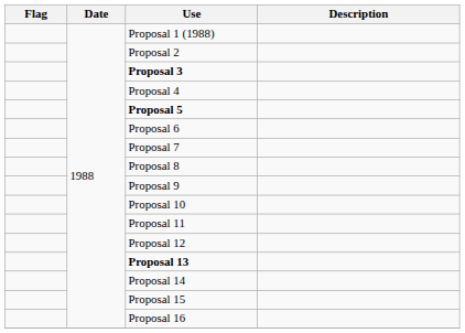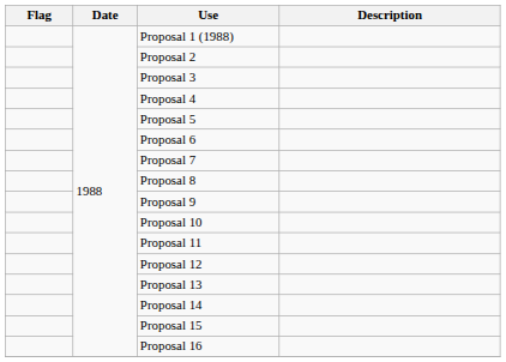 <table class="wikitable" style="background:#f9f9f9">
 <tr>
 <th width="110">Flag</th>
 <th width="100">Date</th>
 <th width="250">Use</th>
 <th width="400">Description</th>
 </tr>
 <tr>
 <td></td>
 <td rowspan="16">1988</td>
 <td>Proposal 1 (1988)</td>
 <td></td>
 </tr>
 <tr>
 <td></td>
 <td>Proposal 2</td>
 <td></td>
 </tr>
 <tr>
 <td></td>
-<td><strong>Proposal 3</strong></td>
+<td>Proposal 3</td>
 <td></td>
 </tr>
 <tr>
 <td></td>
 <td>Proposal 4</td>
 <td></td>
 </tr>
 <tr>
 <td></td>
-<td><strong>Proposal 5</strong></td>
+<td>Proposal 5</td>
 <td></td>
 </tr>
 <tr>
 <td></td>
 <td>Proposal 6</td>
 <td></td>
 </tr>
 <tr>
 <td></td>
 <td>Proposal 7</td>
 <td></td>
 </tr>
 <tr>
 <td></td>
 <td>Proposal 8</td>
 <td></td>
 </tr>
 <tr>
 <td></td>
 <td>Proposal 9</td>
 <td></td>
 </tr>
 <tr>
 <td></td>
 <td>Proposal 10</td>
 <td></td>
 </tr>
 <tr>
 <td></td>
 <td>Proposal 11</td>
 <td></td>
 </tr>
 <tr>
 <td></td>
 <td>Proposal 12</td>
 <td></td>
 </tr>
 <tr>
 <td></td>
-<td><strong>Proposal 13</strong></td>
+<td>Proposal 13</td>
 <td></td>
 </tr>
 <tr>
 <td></td>
 <td>Proposal 14</td>
 <td></td>
 </tr>
 <tr>
 <td></td>
 <td>Proposal 15</td>
 <td></td>
 </tr>
 <tr>
 <td></td>
 <td>Proposal 16</td>
 <td></td>
 </tr>
 <tr>
 </tr>
 </table>
